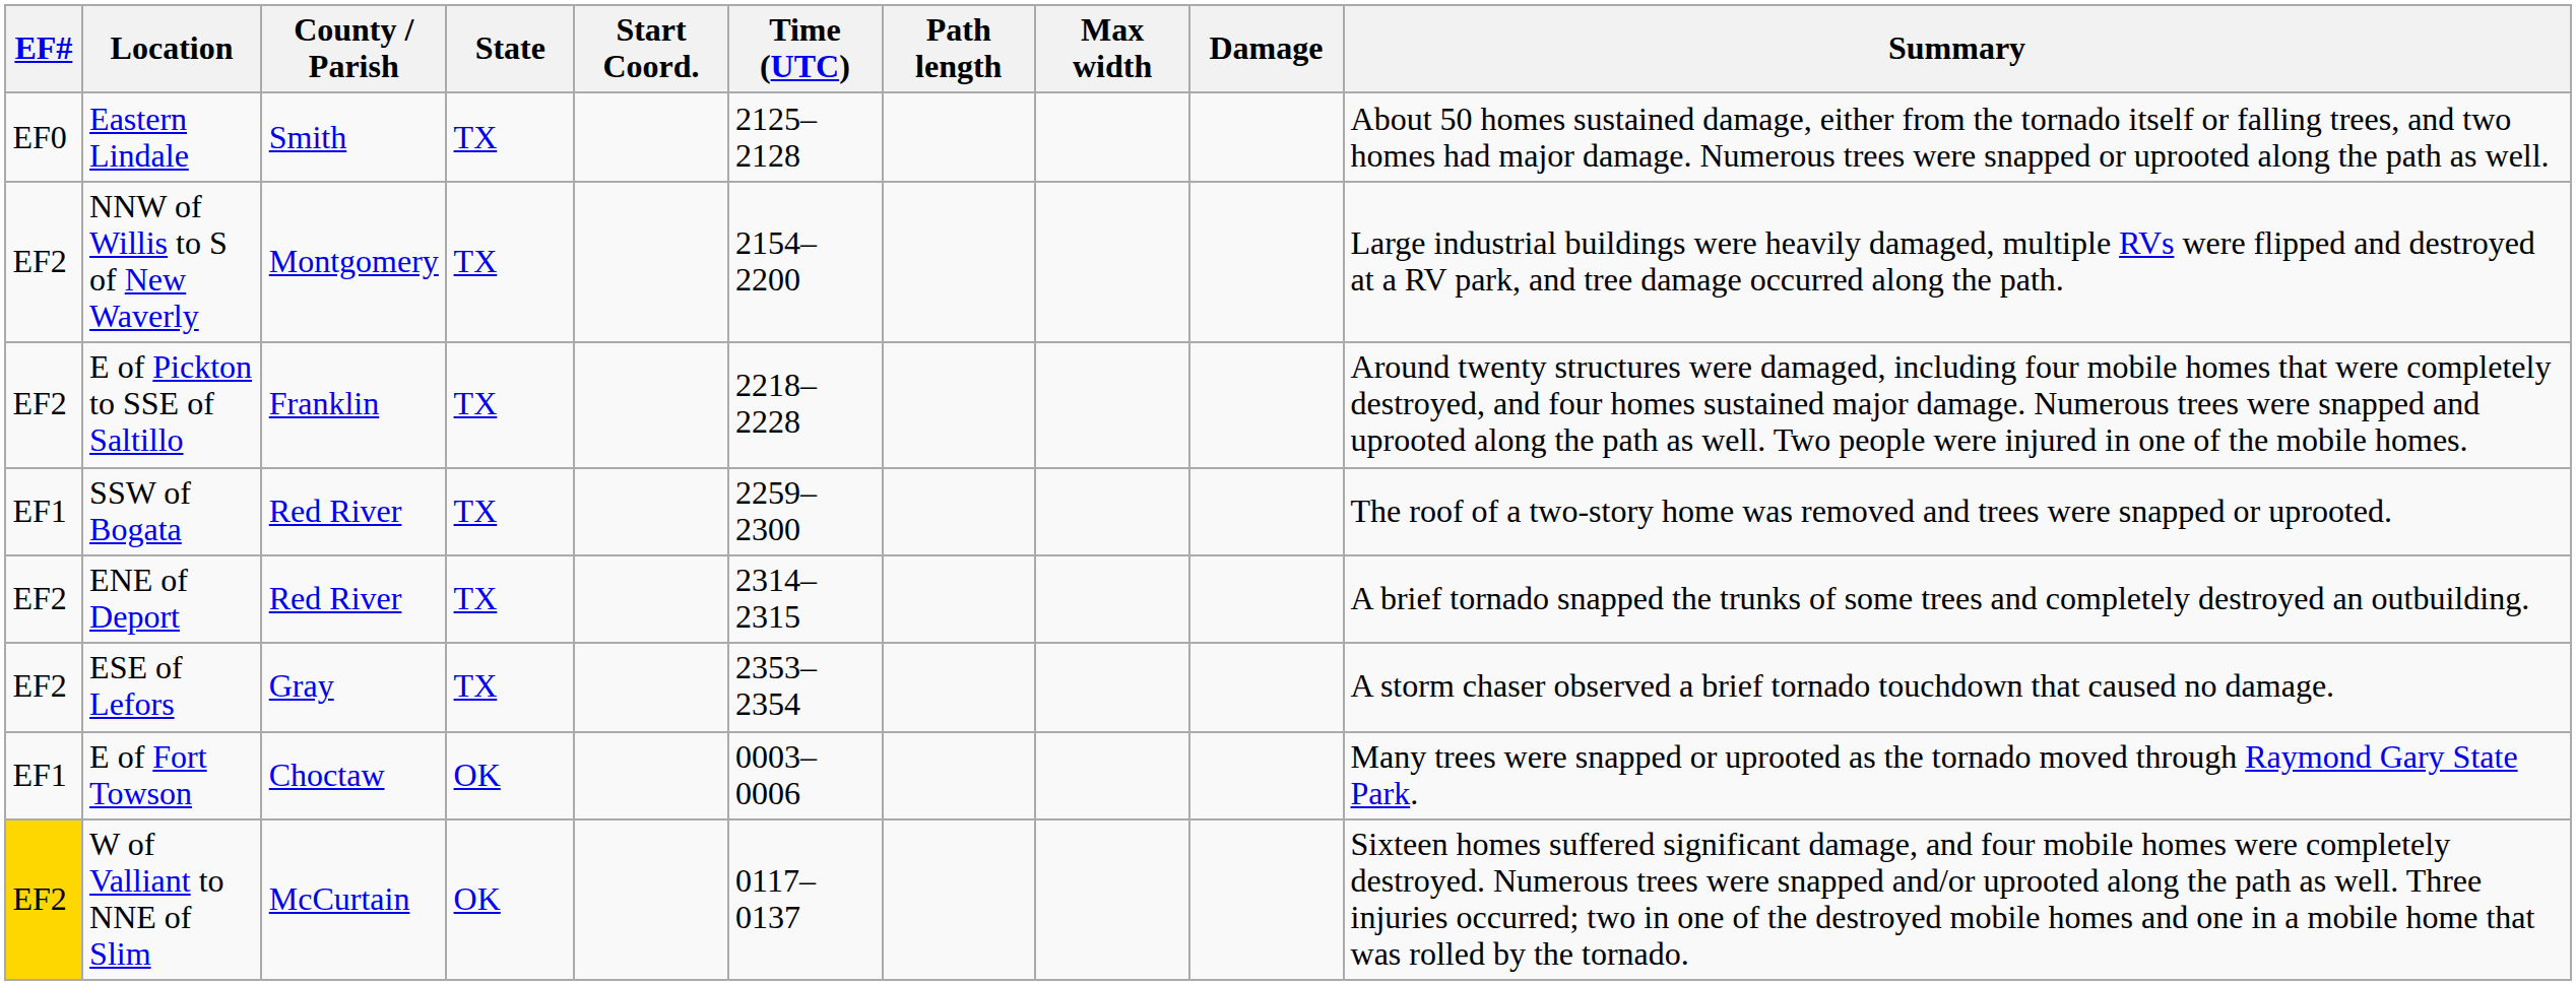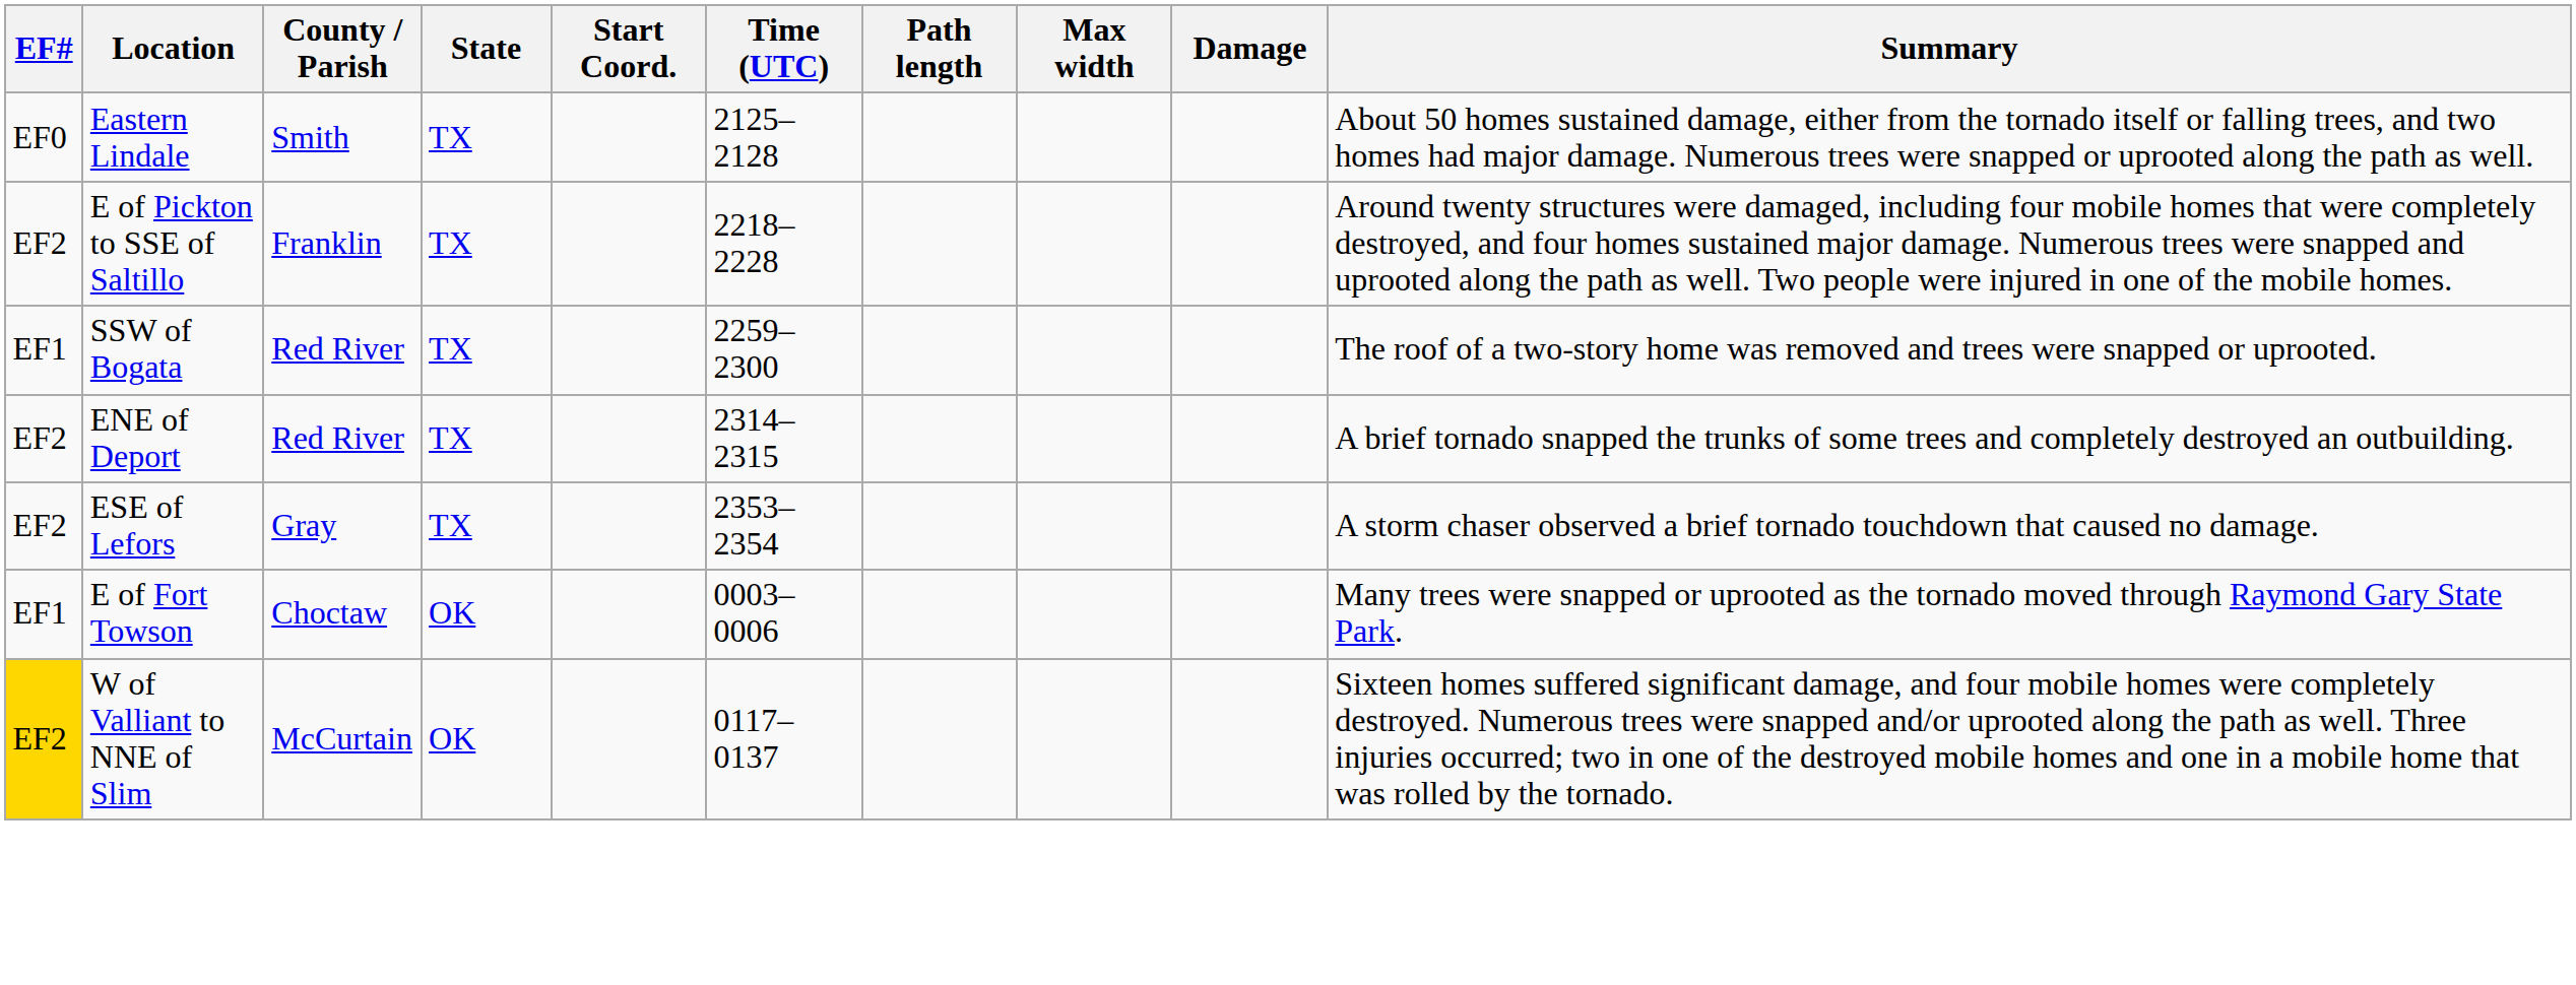 <table class="wikitable sortable" style="width:100%;">
 <tr>
 <th scope="col"  style="width:3%; text-align:center;"><a href='#'>EF#</a></th>
 <th scope="col"  style="width:7%; text-align:center;" class="unsortable">Location</th>
 <th scope="col"  style="width:6%; text-align:center;" class="unsortable">County / Parish</th>
 <th scope="col"  style="width:5%; text-align:center;">State</th>
 <th scope="col"  style="width:6%; text-align:center;">Start Coord.</th>
 <th scope="col"  style="width:6%; text-align:center;">Time (<a href='#'>UTC</a>)</th>
 <th scope="col"  style="width:6%; text-align:center;">Path length</th>
 <th scope="col"  style="width:6%; text-align:center;">Max width</th>
 <th scope="col"  style="width:6%; text-align:center;">Damage</th>
 <th scope="col" class="unsortable" style="width:48%; text-align:center;">Summary</th>
 </tr>
 <tr>
 <td>EF0</td>
 <td><a href='#'>Eastern Lindale</a></td>
 <td><a href='#'>Smith</a></td>
 <td><a href='#'>TX</a></td>
 <td></td>
 <td>2125–2128</td>
 <td></td>
 <td></td>
 <td></td>
 <td>About 50 homes sustained damage, either from the tornado itself or falling trees, and two homes had major damage. Numerous trees were snapped or uprooted along the path as well.</td>
-</tr>
-<tr>
-<td>EF2</td>
-<td>NNW of <a href='#'>Willis</a> to S of <a href='#'>New Waverly</a></td>
-<td><a href='#'>Montgomery</a></td>
-<td><a href='#'>TX</a></td>
-<td></td>
-<td>2154–2200</td>
-<td></td>
-<td></td>
-<td></td>
-<td>Large industrial buildings were heavily damaged, multiple <a href='#'>RVs</a> were flipped and destroyed at a RV park, and tree damage occurred along the path.</td>
 </tr>
 <tr>
 <td>EF2</td>
 <td>E of <a href='#'>Pickton</a> to SSE of <a href='#'>Saltillo</a></td>
 <td><a href='#'>Franklin</a></td>
 <td><a href='#'>TX</a></td>
 <td></td>
 <td>2218–2228</td>
 <td></td>
 <td></td>
 <td></td>
 <td>Around twenty structures were damaged, including four mobile homes that were completely destroyed, and four homes sustained major damage. Numerous trees were snapped and uprooted along the path as well. Two people were injured in one of the mobile homes.</td>
 </tr>
 <tr>
 <td>EF1</td>
 <td>SSW of <a href='#'>Bogata</a></td>
 <td><a href='#'>Red River</a></td>
 <td><a href='#'>TX</a></td>
 <td></td>
 <td>2259–2300</td>
 <td></td>
 <td></td>
 <td></td>
 <td>The roof of a two-story home was removed and trees were snapped or uprooted.</td>
 </tr>
 <tr>
 <td>EF2</td>
 <td>ENE of <a href='#'>Deport</a></td>
 <td><a href='#'>Red River</a></td>
 <td><a href='#'>TX</a></td>
 <td></td>
 <td>2314–2315</td>
 <td></td>
 <td></td>
 <td></td>
 <td>A brief tornado snapped the trunks of some trees and completely destroyed an outbuilding.</td>
 </tr>
 <tr>
 <td>EF2</td>
 <td>ESE of <a href='#'>Lefors</a></td>
 <td><a href='#'>Gray</a></td>
 <td><a href='#'>TX</a></td>
 <td></td>
 <td>2353–2354</td>
 <td></td>
 <td></td>
 <td></td>
 <td>A storm chaser observed a brief tornado touchdown that caused no damage.</td>
 </tr>
 <tr>
 <td>EF1</td>
 <td>E of <a href='#'>Fort Towson</a></td>
 <td><a href='#'>Choctaw</a></td>
 <td><a href='#'>OK</a></td>
 <td></td>
 <td>0003–0006</td>
 <td></td>
 <td></td>
 <td></td>
 <td>Many trees were snapped or uprooted as the tornado moved through <a href='#'>Raymond Gary State Park</a>.</td>
 </tr>
 <tr>
 <td style="background: gold;">EF2</td>
 <td>W of <a href='#'>Valliant</a> to NNE of <a href='#'>Slim</a></td>
 <td><a href='#'>McCurtain</a></td>
 <td><a href='#'>OK</a></td>
 <td></td>
 <td>0117–0137</td>
 <td></td>
 <td></td>
 <td></td>
 <td>Sixteen homes suffered significant damage, and four mobile homes were completely destroyed. Numerous trees were snapped and/or uprooted along the path as well. Three injuries occurred; two in one of the destroyed mobile homes and one in a mobile home that was rolled by the tornado.</td>
 </tr>
 <tr>
 </tr>
 </table>
